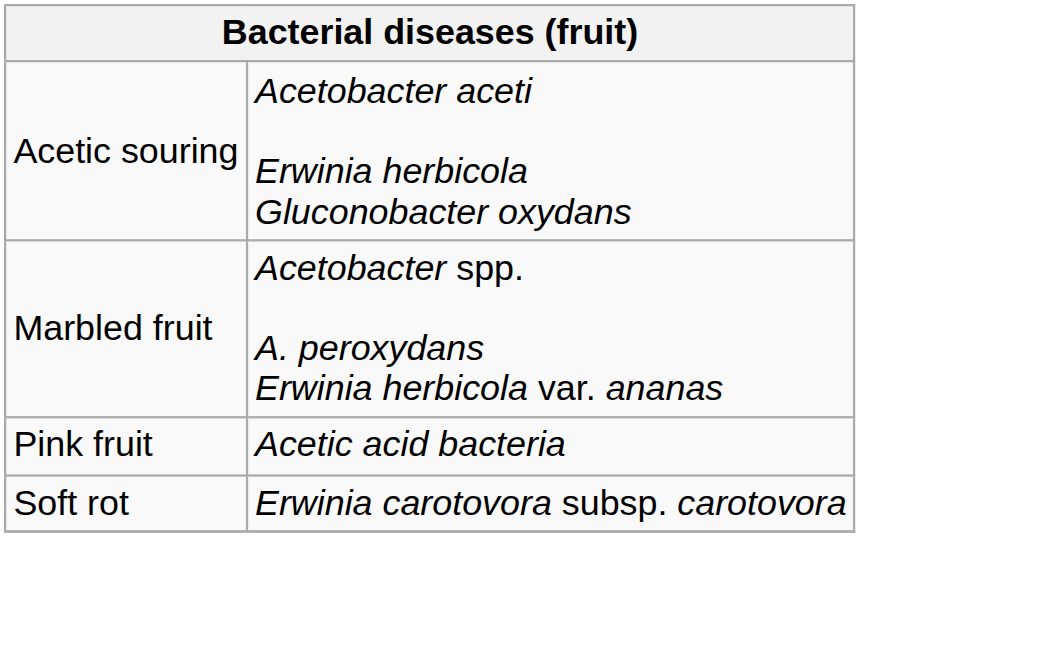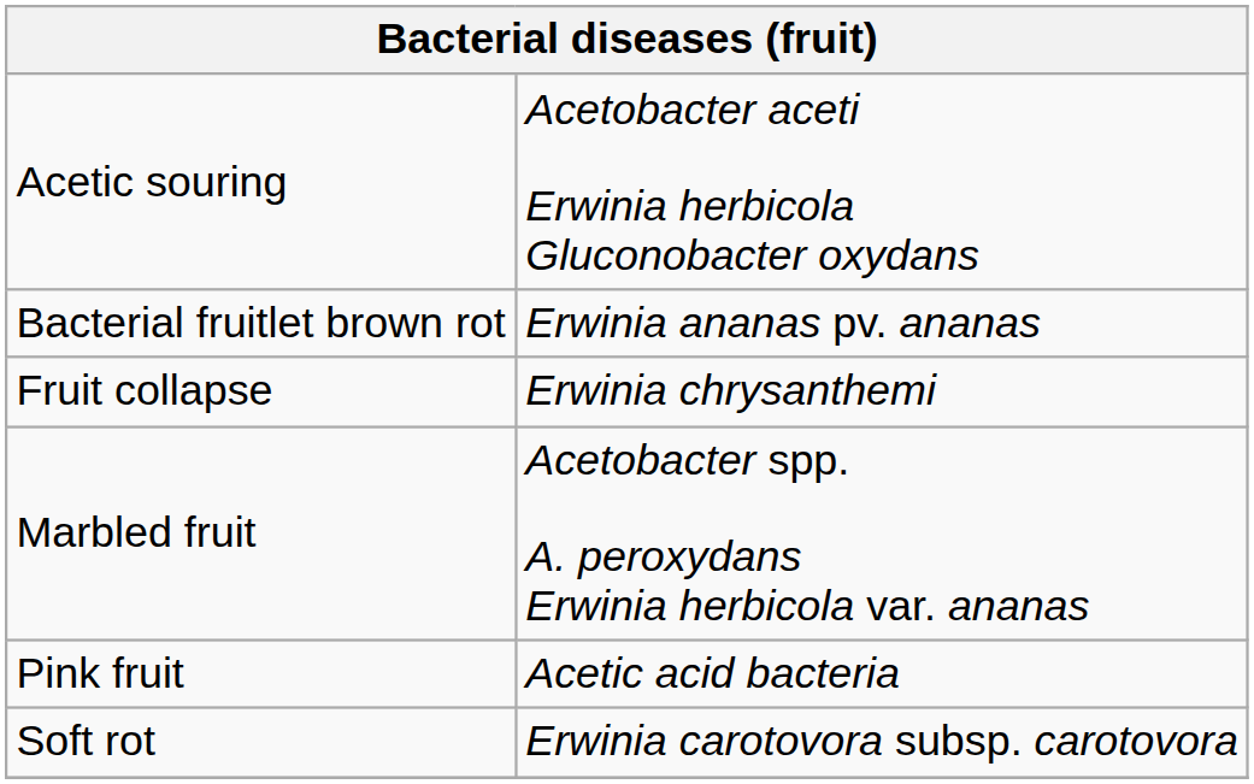 <table class="wikitable" style="clear">
 <tr>
 <th colspan=2><strong>Bacterial diseases (fruit)</strong><br></th>
 </tr>
 <tr>
 <td>Acetic souring</td>
 <td><em>Acetobacter aceti</em><br><br><em>Erwinia herbicola</em><br> <em>Gluconobacter oxydans</em></td>
+</tr>
+<tr>
+<td>Bacterial fruitlet brown rot</td>
+<td><em>Erwinia ananas</em> pv. <em>ananas</em></td>
+</tr>
+<tr>
+<td>Fruit collapse</td>
+<td><em>Erwinia chrysanthemi</em></td>
 </tr>
 <tr>
 <td>Marbled fruit</td>
 <td><em>Acetobacter</em> spp. <br><br><em>A. peroxydans</em><br> <em>Erwinia herbicola</em> var. <em>ananas</em></td>
 </tr>
 <tr>
 <td>Pink fruit</td>
 <td><em>Acetic acid bacteria</em></td>
 </tr>
 <tr>
 <td>Soft rot</td>
 <td><em>Erwinia carotovora</em> subsp. <em>carotovora</em></td>
 </tr>
 <tr>
 </tr>
 </table>
